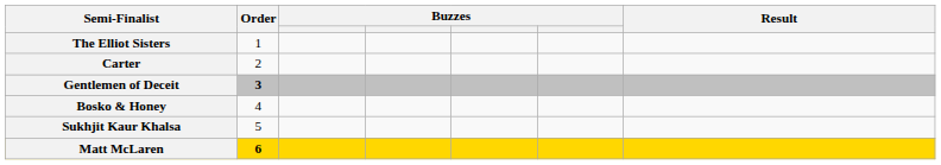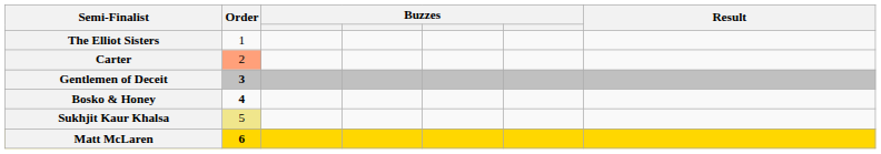 <table class="wikitable plainrowheaders sortable" style="text-align:center;">
 <tr>
 <th scope="col" rowspan="2" class="unsortable" style="width:17em;">Semi-Finalist</th>
 <th scope="col" rowspan="2" style="width:1em;">Order</th>
 <th scope="col" colspan="4" class="unsortable" style="width:24em;">Buzzes</th>
 <th scope="col" rowspan="2" style="width:23em;">Result</th>
 </tr>
 <tr>
 <th scope="col" class="unsortable" style="width:6em;"></th>
 <th scope="col" class="unsortable" style="width:6em;"></th>
 <th scope="col" class="unsortable" style="width:6em;"></th>
 <th scope="col" class="unsortable" style="width:6em;"></th>
 </tr>
 <tr>
 <th scope="row">The Elliot Sisters</th>
 <td>1</td>
 <td style="text-align:center;"></td>
 <td style="text-align:center;"></td>
 <td style="text-align:center;"></td>
 <td style="text-align:center;"></td>
 <td></td>
 </tr>
 <tr>
 <th scope="row">Carter</th>
-<td>2</td>
+<td style="background: lightsalmon;">2</td>
 <td style="text-align:center;"></td>
 <td style="text-align:center;"></td>
 <td style="text-align:center;"></td>
 <td style="text-align:center;"></td>
 <td></td>
 </tr>
 <tr bgcolor=silver>
 <th scope="row"><strong>Gentlemen of Deceit</strong></th>
 <td><strong>3</strong></td>
 <td style="text-align:center;"></td>
 <td style="text-align:center;"></td>
 <td style="text-align:center;"></td>
 <td style="text-align:center;"></td>
 <td><strong></strong></td>
 </tr>
 <tr>
 <th scope="row">Bosko & Honey</th>
-<td>4</td>
+<td><strong>4</strong></td>
 <td style="text-align:center;"></td>
 <td style="text-align:center;"></td>
 <td style="text-align:center;"></td>
 <td style="text-align:center;"></td>
 <td></td>
 </tr>
 <tr>
 <th scope="row">Sukhjit Kaur Khalsa</th>
-<td>5</td>
+<td style="background: khaki;">5</td>
 <td style="text-align:center;"></td>
 <td style="text-align:center;"></td>
 <td style="text-align:center;"></td>
 <td style="text-align:center;"></td>
 <td></td>
 </tr>
 <tr bgcolor=gold>
 <th scope="row"><strong>Matt McLaren</strong></th>
 <td><strong>6</strong></td>
 <td style="text-align:center;"></td>
 <td style="text-align:center;"></td>
 <td style="text-align:center;"></td>
 <td style="text-align:center;"></td>
 <td><strong></strong></td>
 </tr>
 </table>
